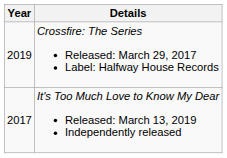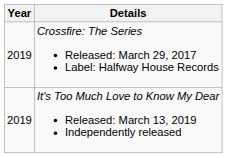 <table class="wikitable">
 <tr>
 <th>Year</th>
 <th>Details</th>
 </tr>
 <tr>
 <td>2019</td>
 <td><em>Crossfire: The Series</em><br><ul><li>Released: March 29, 2017</li><li>Label: Halfway House Records</li></ul></td>
 </tr>
 <tr>
-<td>2017</td>
+<td>2019</td>
 <td><em>It's Too Much Love to Know My Dear</em><br><ul><li>Released: March 13, 2019</li><li>Independently released</li></ul></td>
 </tr>
 </table>
